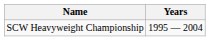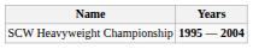 <table class="wikitable" border="1">
 <tr>
 <th>Name</th>
 <th>Years</th>
 </tr>
 <tr>
 <td>SCW Heavyweight Championship</td>
-<td>1995 — 2004</td>
+<td><strong>1995 — 2004</strong></td>
 </tr>
 </table>
